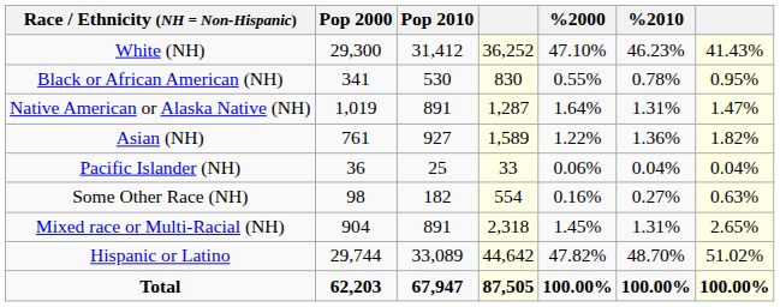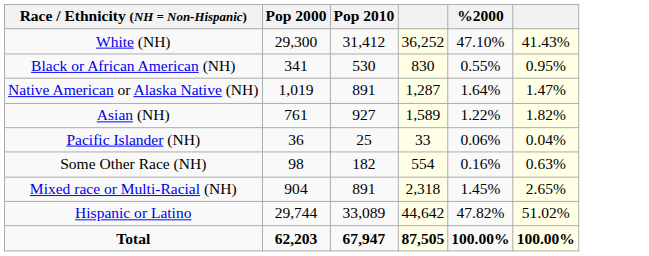 <table class="wikitable" style="text-align:center;">
 <tr>
 <th>Race / Ethnicity <small>(<em>NH = Non-Hispanic</em>)</small></th>
 <th>Pop 2000</th>
 <th>Pop 2010</th>
 <th></th>
 <th>%2000</th>
-<th>%2010</th>
 <th></th>
 </tr>
 <tr>
 <td><a href='#'>White</a> (NH)</td>
 <td>29,300</td>
 <td>31,412</td>
 <td style='background: #ffffe6;'>36,252</td>
 <td>47.10%</td>
-<td>46.23%</td>
 <td style='background: #ffffe6;'>41.43%</td>
 </tr>
 <tr>
 <td><a href='#'>Black or African American</a> (NH)</td>
 <td>341</td>
 <td>530</td>
 <td style='background: #ffffe6;'>830</td>
 <td>0.55%</td>
-<td>0.78%</td>
 <td style='background: #ffffe6;'>0.95%</td>
 </tr>
 <tr>
 <td><a href='#'>Native American</a> or <a href='#'>Alaska Native</a> (NH)</td>
 <td>1,019</td>
 <td>891</td>
 <td style='background: #ffffe6;'>1,287</td>
 <td>1.64%</td>
-<td>1.31%</td>
 <td style='background: #ffffe6;'>1.47%</td>
 </tr>
 <tr>
 <td><a href='#'>Asian</a> (NH)</td>
 <td>761</td>
 <td>927</td>
 <td style='background: #ffffe6;'>1,589</td>
 <td>1.22%</td>
-<td>1.36%</td>
 <td style='background: #ffffe6;'>1.82%</td>
 </tr>
 <tr>
 <td><a href='#'>Pacific Islander</a> (NH)</td>
 <td>36</td>
 <td>25</td>
 <td style='background: #ffffe6;'>33</td>
 <td>0.06%</td>
-<td>0.04%</td>
 <td style='background: #ffffe6;'>0.04%</td>
 </tr>
 <tr>
 <td>Some Other Race (NH)</td>
 <td>98</td>
 <td>182</td>
 <td style='background: #ffffe6;'>554</td>
 <td>0.16%</td>
-<td>0.27%</td>
 <td style='background: #ffffe6;'>0.63%</td>
 </tr>
 <tr>
 <td><a href='#'>Mixed race or Multi-Racial</a> (NH)</td>
 <td>904</td>
 <td>891</td>
 <td style='background: #ffffe6;'>2,318</td>
 <td>1.45%</td>
-<td>1.31%</td>
 <td style='background: #ffffe6;'>2.65%</td>
 </tr>
 <tr>
 <td><a href='#'>Hispanic or Latino</a></td>
 <td>29,744</td>
 <td>33,089</td>
 <td style='background: #ffffe6;'>44,642</td>
 <td>47.82%</td>
-<td>48.70%</td>
 <td style='background: #ffffe6;'>51.02%</td>
 </tr>
 <tr>
 <td><strong>Total</strong></td>
 <td><strong>62,203</strong></td>
 <td><strong>67,947</strong></td>
 <td style='background: #ffffe6;'><strong>87,505</strong></td>
 <td><strong>100.00%</strong></td>
-<td><strong>100.00%</strong></td>
 <td style='background: #ffffe6;'><strong>100.00%</strong></td>
 </tr>
 </table>
